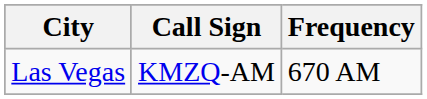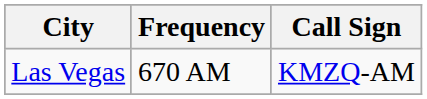 <table class="wikitable">
 <tr>
 <th>City</th>
+<th>Frequency</th>
 <th>Call Sign</th>
-<th>Frequency</th>
 </tr>
 <tr>
 <td><a href='#'>Las Vegas</a></td>
+<td>670 AM</td>
 <td><a href='#'>KMZQ</a>-AM</td>
-<td>670 AM</td>
 </tr>
 </table>
